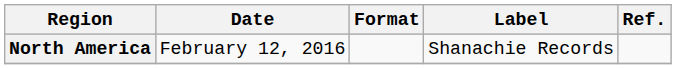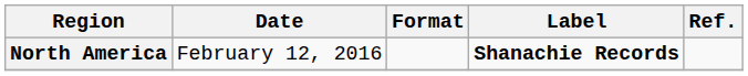 <table class="wikitable plainrowheaders">
 <tr>
 <th scope="col">Region</th>
 <th scope="col">Date</th>
 <th scope="col">Format</th>
 <th scope="col">Label</th>
 <th scope="col">Ref.</th>
 </tr>
 <tr>
 <th scope="row">North America</th>
 <td>February 12, 2016</td>
 <td></td>
-<td>Shanachie Records</td>
+<td><strong>Shanachie Records</strong></td>
 <td></td>
 </tr>
 <tr>
 </tr>
 </table>
